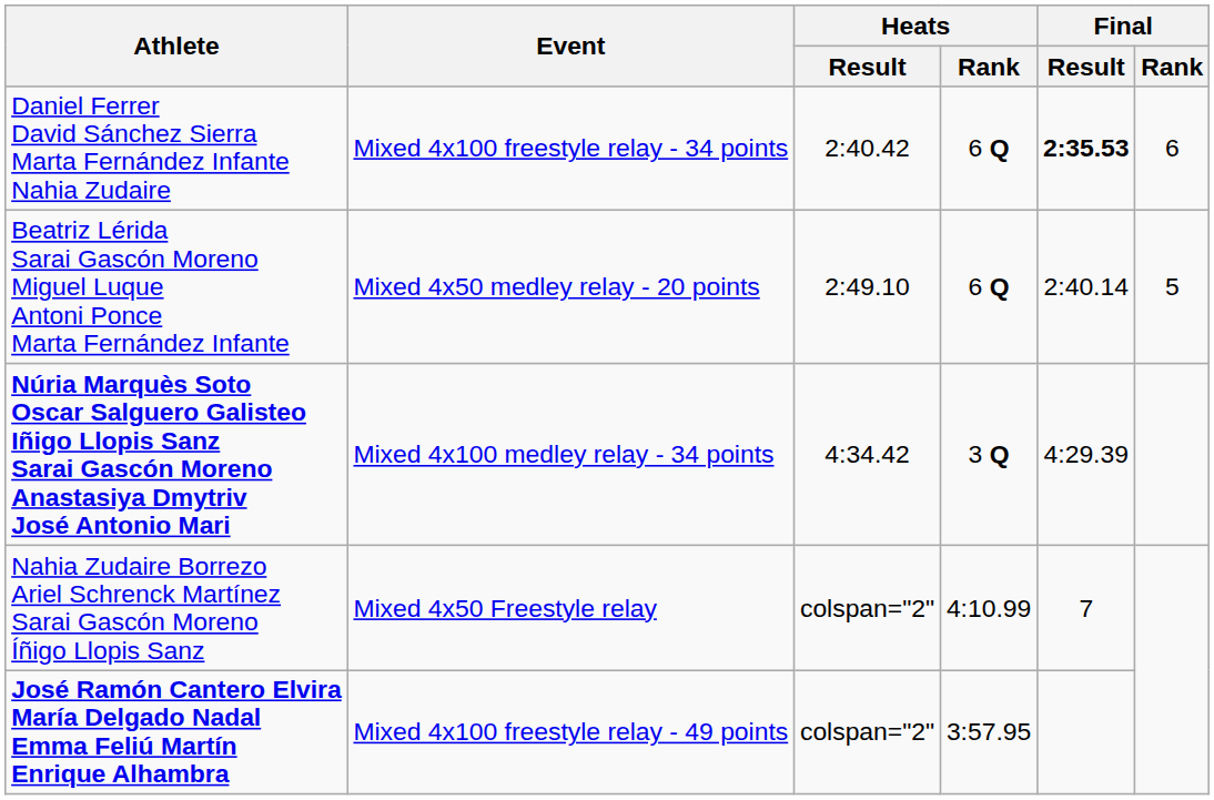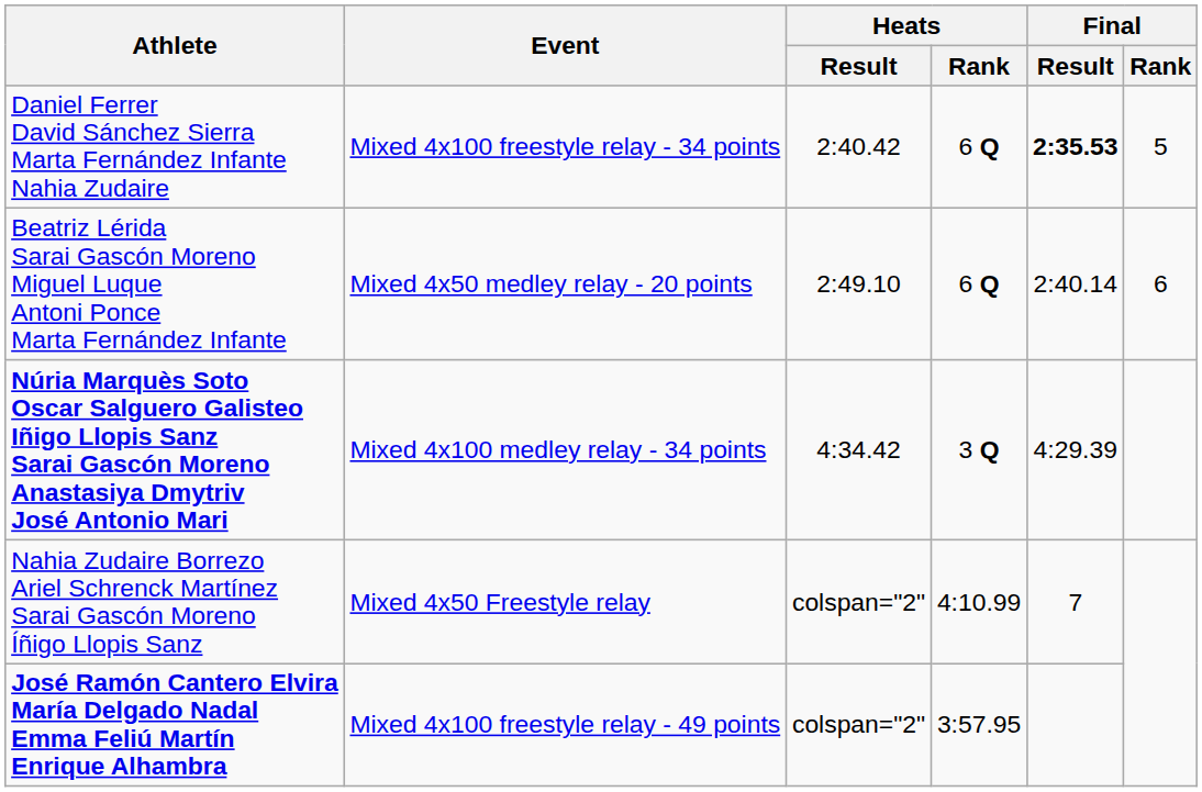 <table class=wikitable style="font-size:90%">
 <tr>
 <th rowspan="2">Athlete</th>
 <th rowspan="2">Event</th>
 <th colspan="2">Heats</th>
 <th colspan="2">Final</th>
 </tr>
 <tr>
 <th>Result</th>
 <th>Rank</th>
 <th>Result</th>
 <th>Rank</th>
 </tr>
 <tr align=center>
 <td align=left><a href='#'>Daniel Ferrer</a><br><a href='#'>David Sánchez Sierra</a><br><a href='#'>Marta Fernández Infante</a><br><a href='#'>Nahia Zudaire</a></td>
 <td align=left><a href='#'>Mixed 4x100 freestyle relay - 34 points</a></td>
 <td>2:40.42</td>
 <td>6 <strong>Q</strong></td>
 <td><strong>2:35.53</strong></td>
-<td>6</td>
+<td>5</td>
 </tr>
 <tr align=center>
 <td align=left><a href='#'>Beatriz Lérida</a><br><a href='#'>Sarai Gascón Moreno</a><br><a href='#'>Miguel Luque</a><br><a href='#'>Antoni Ponce</a><br><a href='#'>Marta Fernández Infante</a></td>
 <td align=left><a href='#'>Mixed 4x50 medley relay - 20 points</a></td>
 <td>2:49.10</td>
 <td>6 <strong>Q</strong></td>
 <td>2:40.14</td>
-<td>5</td>
+<td>6</td>
 </tr>
 <tr align=center>
 <td align=left><strong><a href='#'>Núria Marquès Soto</a><br><a href='#'>Oscar Salguero Galisteo</a><br><a href='#'>Iñigo Llopis Sanz</a><br><a href='#'>Sarai Gascón Moreno</a><br><a href='#'>Anastasiya Dmytriv</a><br><a href='#'>José Antonio Mari</a></strong></td>
 <td align=left><a href='#'>Mixed 4x100 medley relay - 34 points</a></td>
 <td>4:34.42</td>
 <td>3 <strong>Q</strong></td>
 <td>4:29.39</td>
 <td></td>
 </tr>
 <tr align=center>
 <td align=left><a href='#'>Nahia Zudaire Borrezo</a><br><a href='#'>Ariel Schrenck Martínez</a><br><a href='#'>Sarai Gascón Moreno</a><br><a href='#'>Íñigo Llopis Sanz</a></td>
 <td align=left><a href='#'>Mixed 4x50 Freestyle relay</a></td>
 <td>colspan="2" </td>
 <td>4:10.99</td>
 <td>7</td>
 </tr>
 <tr align=center>
 <td align=left><strong><a href='#'>José Ramón Cantero Elvira</a><br><a href='#'>María Delgado Nadal</a><br><a href='#'>Emma Feliú Martín</a><br><a href='#'>Enrique Alhambra</a></strong></td>
 <td align=left><a href='#'>Mixed 4x100 freestyle relay - 49 points</a></td>
 <td>colspan="2" </td>
 <td>3:57.95</td>
 <td></td>
 </tr>
 </table>
